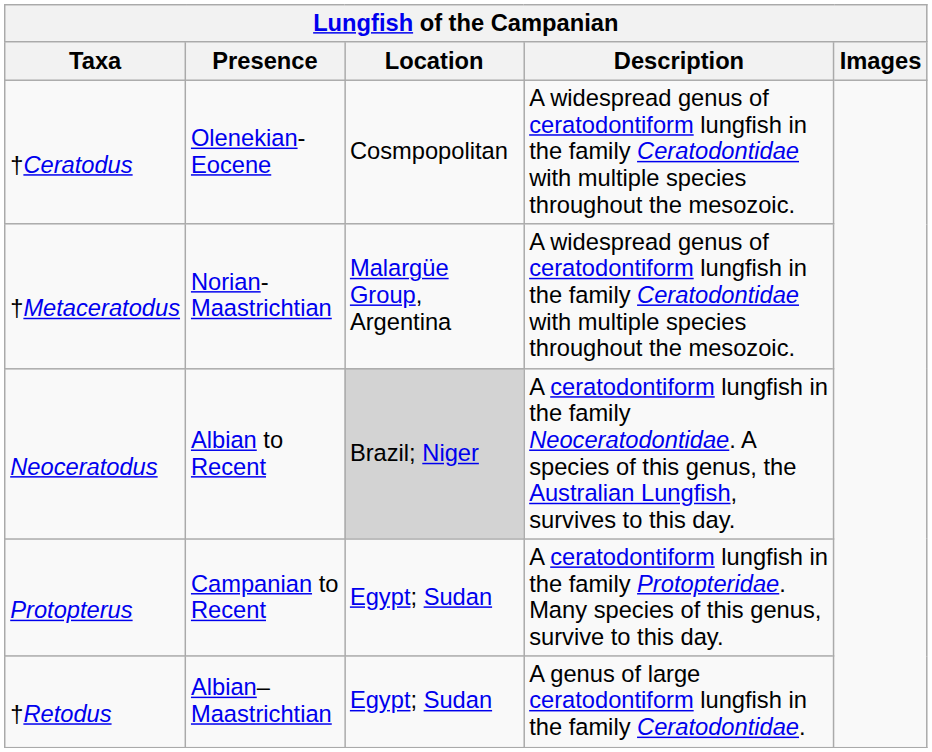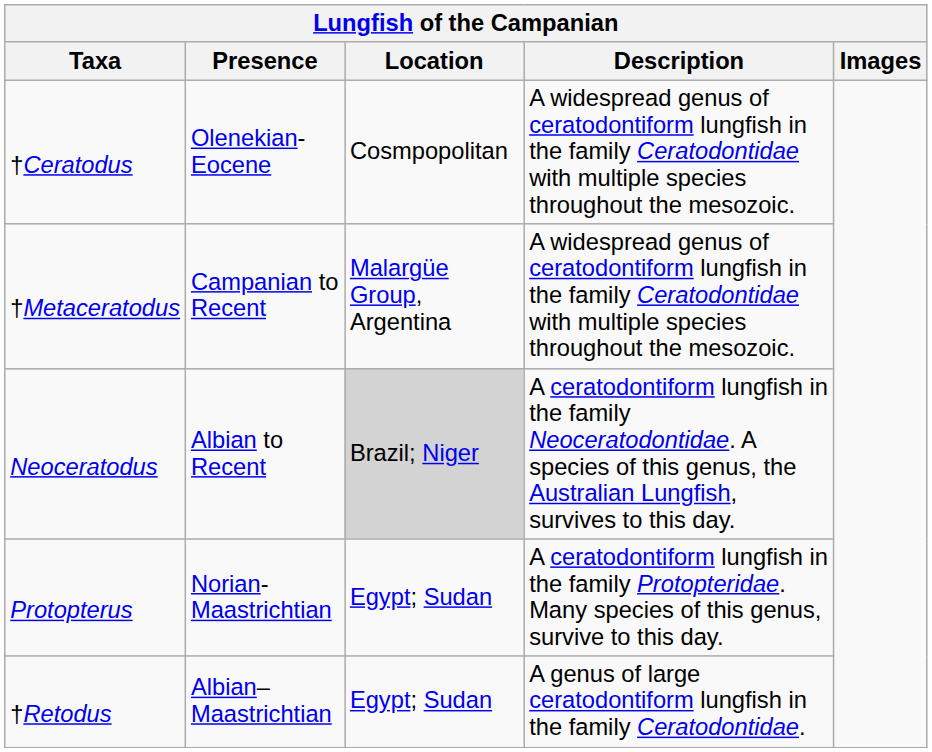 <table class="wikitable" align="center" width="100%">
 <tr>
 <th colspan="5" align="center"><a href='#'>Lungfish</a> of the Campanian</th>
 </tr>
 <tr>
 <th>Taxa</th>
 <th>Presence</th>
 <th>Location</th>
 <th>Description</th>
 <th>Images</th>
 </tr>
 <tr>
 <td><br>†<em><a href='#'>Ceratodus</a></em></td>
 <td><a href='#'>Olenekian</a>-<a href='#'>Eocene</a></td>
 <td>Cosmpopolitan</td>
 <td>A widespread genus of <a href='#'>ceratodontiform</a> lungfish in the family <em><a href='#'>Ceratodontidae</a></em> with multiple species throughout the mesozoic.</td>
 <td rowspan="99"><br> </td>
 </tr>
 <tr>
 <td><br>†<em><a href='#'>Metaceratodus</a></em></td>
-<td><a href='#'>Norian</a>-<a href='#'>Maastrichtian</a></td>
+<td><a href='#'>Campanian</a> to <a href='#'>Recent</a></td>
 <td><a href='#'>Malargüe Group</a>, Argentina</td>
 <td>A widespread genus of <a href='#'>ceratodontiform</a> lungfish in the family <em><a href='#'>Ceratodontidae</a></em> with multiple species throughout the mesozoic.</td>
 </tr>
 <tr>
 <td><br><em><a href='#'>Neoceratodus</a></em></td>
 <td><a href='#'>Albian</a> to <a href='#'>Recent</a></td>
 <td style="background: lightgrey;">Brazil; <a href='#'>Niger</a></td>
 <td>A <a href='#'>ceratodontiform</a> lungfish in the family <em><a href='#'>Neoceratodontidae</a></em>. A species of this genus, the <a href='#'>Australian Lungfish</a>, survives to this day.</td>
 </tr>
 <tr>
 <td><br><em><a href='#'>Protopterus</a></em></td>
-<td><a href='#'>Campanian</a> to <a href='#'>Recent</a></td>
+<td><a href='#'>Norian</a>-<a href='#'>Maastrichtian</a></td>
 <td><a href='#'>Egypt</a>; <a href='#'>Sudan</a></td>
 <td>A <a href='#'>ceratodontiform</a> lungfish in the family <em><a href='#'>Protopteridae</a></em>. Many species of this genus, survive to this day.</td>
 </tr>
 <tr>
 <td><br>†<em><a href='#'>Retodus</a></em></td>
 <td><a href='#'>Albian</a>–<a href='#'>Maastrichtian</a></td>
 <td><a href='#'>Egypt</a>; <a href='#'>Sudan</a></td>
 <td>A genus of large <a href='#'>ceratodontiform</a> lungfish in the family <em><a href='#'>Ceratodontidae</a></em>.</td>
 </tr>
 <tr>
 </tr>
 </table>
